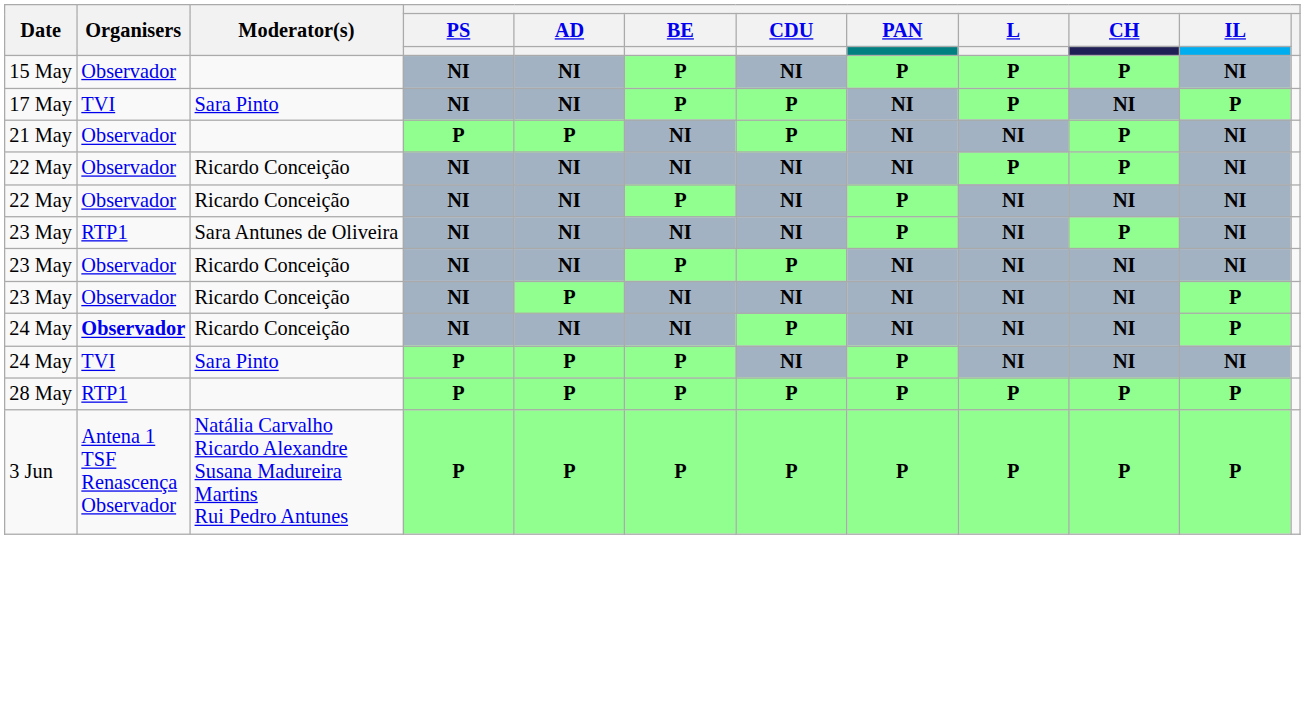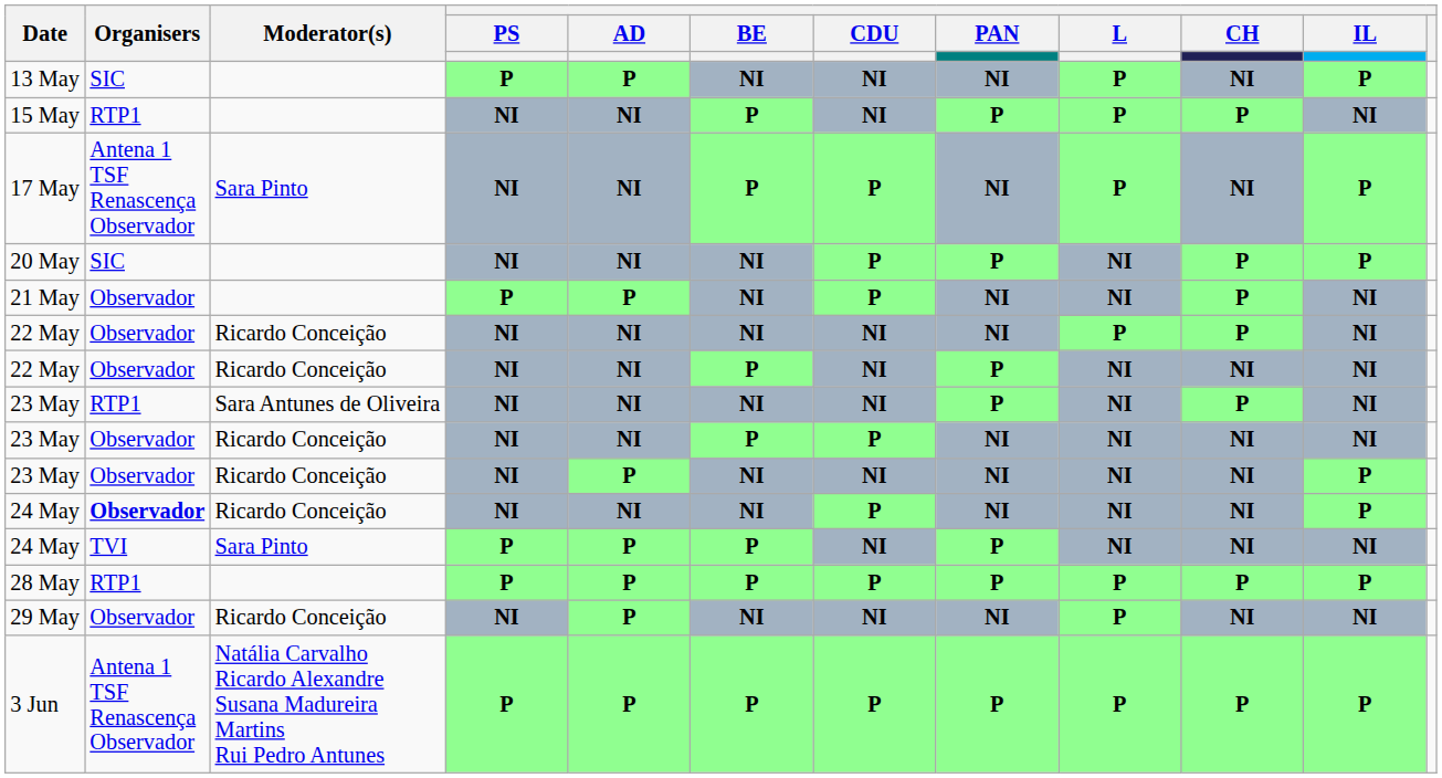 <table class="wikitable" style="text-align:center;">
 <tr>
 <th rowspan="3">Date</th>
 <th rowspan="3">Organisers</th>
 <th rowspan="3">Moderator(s)</th>
 <th colspan="9">          </th>
 </tr>
 <tr>
 <th scope="col" style="width:5em;"><a href='#'>PS</a></th>
 <th scope="col" style="width:5em;"><a href='#'>AD</a></th>
 <th scope="col" style="width:5em;"><a href='#'>BE</a></th>
 <th scope="col" style="width:5em;"><a href='#'>CDU</a></th>
 <th scope="col" style="width:5em;"><a href='#'>PAN</a></th>
 <th scope="col" style="width:5em;"><a href='#'>L</a></th>
 <th scope="col" style="width:5em;"><a href='#'>CH</a></th>
 <th scope="col" style="width:5em;"><a href='#'>IL</a></th>
 <th rowspan="2"></th>
 </tr>
 <tr>
 <th style="color:inherit;background:"></th>
 <th style="color:inherit;background:"></th>
 <th style="color:inherit;background:"></th>
 <th style="color:inherit;background:"></th>
 <th style="color:inherit;background:teal;"></th>
 <th style="color:inherit;background:"></th>
 <th style="color:inherit;background:#202056;"></th>
 <th style="color:inherit;background:#00ADEF;"></th>
 </tr>
 <tr>
+<td style="white-space:nowrap; text-align:left;">13 May</td>
+<td style="white-space:nowrap; text-align:left;"><a href='#'>SIC</a></td>
+<td style="white-space:nowrap; text-align:left;"></td>
+<td style="background:#90FF90;"><strong>P</strong><br></td>
+<td style="background:#90FF90;"><strong>P</strong><br></td>
+<td style="background:#A2B2C2;"><strong>NI</strong></td>
+<td style="background:#A2B2C2;"><strong>NI</strong></td>
+<td style="background:#A2B2C2;"><strong>NI</strong></td>
+<td style="background:#90FF90;"><strong>P</strong><br></td>
+<td style="background:#A2B2C2;"><strong>NI</strong></td>
+<td style="background:#90FF90;"><strong>P</strong><br></td>
+<td></td>
+</tr>
+<tr>
 <td style="white-space:nowrap; text-align:left;">15 May</td>
-<td style="white-space:nowrap; text-align:left;"><a href='#'>Observador</a></td>
+<td style="white-space:nowrap; text-align:left;"><a href='#'>RTP1</a></td>
 <td style="white-space:nowrap; text-align:left;"></td>
 <td style="background:#A2B2C2;"><strong>NI</strong></td>
 <td style="background:#A2B2C2;"><strong>NI</strong></td>
 <td style="background:#90FF90;"><strong>P</strong><br></td>
 <td style="background:#A2B2C2;"><strong>NI</strong></td>
 <td style="background:#90FF90;"><strong>P</strong><br></td>
 <td style="background:#90FF90;"><strong>P</strong><br></td>
 <td style="background:#90FF90;"><strong>P</strong><br></td>
 <td style="background:#A2B2C2;"><strong>NI</strong></td>
 <td></td>
 </tr>
 <tr>
 <td style="white-space:nowrap; text-align:left;">17 May</td>
-<td style="white-space:nowrap; text-align:left;"><a href='#'>TVI</a></td>
+<td style="white-space:nowrap; text-align:left;"><a href='#'>Antena 1</a><br><a href='#'>TSF</a><br><a href='#'>Renascença</a><br><a href='#'>Observador</a></td>
 <td style="white-space:nowrap; text-align:left;"><a href='#'>Sara Pinto</a></td>
 <td style="background:#A2B2C2;"><strong>NI</strong></td>
 <td style="background:#A2B2C2;"><strong>NI</strong></td>
 <td style="background:#90FF90;"><strong>P</strong><br></td>
 <td style="background:#90FF90;"><strong>P</strong><br></td>
 <td style="background:#A2B2C2;"><strong>NI</strong></td>
 <td style="background:#90FF90;"><strong>P</strong><br></td>
 <td style="background:#A2B2C2;"><strong>NI</strong></td>
+<td style="background:#90FF90;"><strong>P</strong><br></td>
+<td></td>
+</tr>
+<tr>
+<td style="white-space:nowrap; text-align:left;">20 May</td>
+<td style="white-space:nowrap; text-align:left;"><a href='#'>SIC</a></td>
+<td style="white-space:nowrap; text-align:left;"></td>
+<td style="background:#A2B2C2;"><strong>NI</strong></td>
+<td style="background:#A2B2C2;"><strong>NI</strong></td>
+<td style="background:#A2B2C2;"><strong>NI</strong></td>
+<td style="background:#90FF90;"><strong>P</strong><br></td>
+<td style="background:#90FF90;"><strong>P</strong><br></td>
+<td style="background:#A2B2C2;"><strong>NI</strong></td>
+<td style="background:#90FF90;"><strong>P</strong><br></td>
 <td style="background:#90FF90;"><strong>P</strong><br></td>
 <td></td>
 </tr>
 <tr>
 <td style="white-space:nowrap; text-align:left;">21 May</td>
 <td style="white-space:nowrap; text-align:left;"><a href='#'>Observador</a></td>
 <td style="white-space:nowrap; text-align:left;"></td>
 <td style="background:#90FF90;"><strong>P</strong><br></td>
 <td style="background:#90FF90;"><strong>P</strong><br></td>
 <td style="background:#A2B2C2;"><strong>NI</strong></td>
 <td style="background:#90FF90;"><strong>P</strong><br></td>
 <td style="background:#A2B2C2;"><strong>NI</strong></td>
 <td style="background:#A2B2C2;"><strong>NI</strong></td>
 <td style="background:#90FF90;"><strong>P</strong><br></td>
 <td style="background:#A2B2C2;"><strong>NI</strong></td>
 <td></td>
 </tr>
 <tr>
 <td style="white-space:nowrap; text-align:left;">22 May</td>
 <td style="white-space:nowrap; text-align:left;"><a href='#'>Observador</a></td>
 <td style="white-space:nowrap; text-align:left;">Ricardo Conceição</td>
 <td style="background:#A2B2C2;"><strong>NI</strong></td>
 <td style="background:#A2B2C2;"><strong>NI</strong></td>
 <td style="background:#A2B2C2;"><strong>NI</strong></td>
 <td style="background:#A2B2C2;"><strong>NI</strong></td>
 <td style="background:#A2B2C2;"><strong>NI</strong></td>
 <td style="background:#90FF90;"><strong>P</strong><br></td>
 <td style="background:#90FF90;"><strong>P</strong><br></td>
 <td style="background:#A2B2C2;"><strong>NI</strong></td>
 <td></td>
 </tr>
 <tr>
 <td style="white-space:nowrap; text-align:left;">22 May</td>
 <td style="white-space:nowrap; text-align:left;"><a href='#'>Observador</a></td>
 <td style="white-space:nowrap; text-align:left;">Ricardo Conceição</td>
 <td style="background:#A2B2C2;"><strong>NI</strong></td>
 <td style="background:#A2B2C2;"><strong>NI</strong></td>
 <td style="background:#90FF90;"><strong>P</strong><br></td>
 <td style="background:#A2B2C2;"><strong>NI</strong></td>
 <td style="background:#90FF90;"><strong>P</strong><br></td>
 <td style="background:#A2B2C2;"><strong>NI</strong></td>
 <td style="background:#A2B2C2;"><strong>NI</strong></td>
 <td style="background:#A2B2C2;"><strong>NI</strong></td>
 <td></td>
 </tr>
 <tr>
 <td style="white-space:nowrap; text-align:left;">23 May</td>
 <td style="white-space:nowrap; text-align:left;"><a href='#'>RTP1</a></td>
 <td style="white-space:nowrap; text-align:left;">Sara Antunes de Oliveira</td>
 <td style="background:#A2B2C2;"><strong>NI</strong></td>
 <td style="background:#A2B2C2;"><strong>NI</strong></td>
 <td style="background:#A2B2C2;"><strong>NI</strong></td>
 <td style="background:#A2B2C2;"><strong>NI</strong></td>
 <td style="background:#90FF90;"><strong>P</strong><br></td>
 <td style="background:#A2B2C2;"><strong>NI</strong></td>
 <td style="background:#90FF90;"><strong>P</strong><br></td>
 <td style="background:#A2B2C2;"><strong>NI</strong></td>
 <td></td>
 </tr>
 <tr>
 <td style="white-space:nowrap; text-align:left;">23 May</td>
 <td style="white-space:nowrap; text-align:left;"><a href='#'>Observador</a></td>
 <td style="white-space:nowrap; text-align:left;">Ricardo Conceição</td>
 <td style="background:#A2B2C2;"><strong>NI</strong></td>
 <td style="background:#A2B2C2;"><strong>NI</strong></td>
 <td style="background:#90FF90;"><strong>P</strong><br></td>
 <td style="background:#90FF90;"><strong>P</strong><br></td>
 <td style="background:#A2B2C2;"><strong>NI</strong></td>
 <td style="background:#A2B2C2;"><strong>NI</strong></td>
 <td style="background:#A2B2C2;"><strong>NI</strong></td>
 <td style="background:#A2B2C2;"><strong>NI</strong></td>
 <td></td>
 </tr>
 <tr>
 <td style="white-space:nowrap; text-align:left;">23 May</td>
 <td style="white-space:nowrap; text-align:left;"><a href='#'>Observador</a></td>
 <td style="white-space:nowrap; text-align:left;">Ricardo Conceição</td>
 <td style="background:#A2B2C2;"><strong>NI</strong></td>
 <td style="background:#90FF90;"><strong>P</strong><br></td>
 <td style="background:#A2B2C2;"><strong>NI</strong></td>
 <td style="background:#A2B2C2;"><strong>NI</strong></td>
 <td style="background:#A2B2C2;"><strong>NI</strong></td>
 <td style="background:#A2B2C2;"><strong>NI</strong></td>
 <td style="background:#A2B2C2;"><strong>NI</strong></td>
 <td style="background:#90FF90;"><strong>P</strong><br></td>
 <td></td>
 </tr>
 <tr>
 <td style="white-space:nowrap; text-align:left;">24 May</td>
 <td style="white-space:nowrap; text-align:left;"><strong><a href='#'>Observador</a></strong></td>
 <td style="white-space:nowrap; text-align:left;">Ricardo Conceição</td>
 <td style="background:#A2B2C2;"><strong>NI</strong></td>
 <td style="background:#A2B2C2;"><strong>NI</strong></td>
 <td style="background:#A2B2C2;"><strong>NI</strong></td>
 <td style="background:#90FF90;"><strong>P</strong><br></td>
 <td style="background:#A2B2C2;"><strong>NI</strong></td>
 <td style="background:#A2B2C2;"><strong>NI</strong></td>
 <td style="background:#A2B2C2;"><strong>NI</strong></td>
 <td style="background:#90FF90;"><strong>P</strong><br></td>
 <td></td>
 </tr>
 <tr>
 <td style="white-space:nowrap; text-align:left;">24 May</td>
 <td style="white-space:nowrap; text-align:left;"><a href='#'>TVI</a></td>
 <td style="white-space:nowrap; text-align:left;"><a href='#'>Sara Pinto</a></td>
 <td style="background:#90FF90;"><strong>P</strong><br></td>
 <td style="background:#90FF90;"><strong>P</strong><br></td>
 <td style="background:#90FF90;"><strong>P</strong><br></td>
 <td style="background:#A2B2C2;"><strong>NI</strong></td>
 <td style="background:#90FF90;"><strong>P</strong><br></td>
 <td style="background:#A2B2C2;"><strong>NI</strong></td>
 <td style="background:#A2B2C2;"><strong>NI</strong></td>
 <td style="background:#A2B2C2;"><strong>NI</strong></td>
 <td></td>
 </tr>
 <tr>
 <td style="white-space:nowrap; text-align:left;">28 May</td>
 <td style="white-space:nowrap; text-align:left;"><a href='#'>RTP1</a></td>
 <td style="white-space:nowrap; text-align:left;"></td>
 <td style="background:#90FF90;"><strong>P</strong><br></td>
 <td style="background:#90FF90;"><strong>P</strong><br></td>
 <td style="background:#90FF90;"><strong>P</strong><br></td>
 <td style="background:#90FF90;"><strong>P</strong><br></td>
 <td style="background:#90FF90;"><strong>P</strong><br></td>
 <td style="background:#90FF90;"><strong>P</strong><br></td>
 <td style="background:#90FF90;"><strong>P</strong><br></td>
 <td style="background:#90FF90;"><strong>P</strong><br></td>
 <td></td>
 </tr>
 <tr>
+<td style="white-space:nowrap; text-align:left;">29 May</td>
+<td style="white-space:nowrap; text-align:left;"><a href='#'>Observador</a></td>
+<td style="white-space:nowrap; text-align:left;">Ricardo Conceição</td>
+<td style="background:#A2B2C2;"><strong>NI</strong></td>
+<td style="background:#90FF90;"><strong>P</strong><br></td>
+<td style="background:#A2B2C2;"><strong>NI</strong></td>
+<td style="background:#A2B2C2;"><strong>NI</strong></td>
+<td style="background:#A2B2C2;"><strong>NI</strong></td>
+<td style="background:#90FF90;"><strong>P</strong><br></td>
+<td style="background:#A2B2C2;"><strong>NI</strong></td>
+<td style="background:#A2B2C2;"><strong>NI</strong></td>
+<td></td>
+</tr>
+<tr>
 <td style="white-space:nowrap; text-align:left;">3 Jun</td>
 <td style="white-space:nowrap; text-align:left;"><a href='#'>Antena 1</a><br><a href='#'>TSF</a><br><a href='#'>Renascença</a><br><a href='#'>Observador</a></td>
 <td style="white-space:nowrap; text-align:left;"><a href='#'>Natália Carvalho</a><br><a href='#'>Ricardo Alexandre</a><br><a href='#'>Susana Madureira<br>Martins</a><br><a href='#'>Rui Pedro Antunes</a></td>
 <td style="background:#90FF90;"><strong>P</strong><br></td>
 <td style="background:#90FF90;"><strong>P</strong><br></td>
 <td style="background:#90FF90;"><strong>P</strong><br></td>
 <td style="background:#90FF90;"><strong>P</strong><br></td>
 <td style="background:#90FF90;"><strong>P</strong><br></td>
 <td style="background:#90FF90;"><strong>P</strong><br></td>
 <td style="background:#90FF90;"><strong>P</strong><br></td>
 <td style="background:#90FF90;"><strong>P</strong><br></td>
 <td></td>
 </tr>
 </table>
